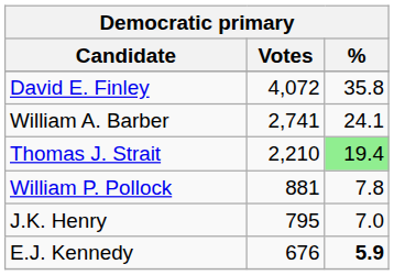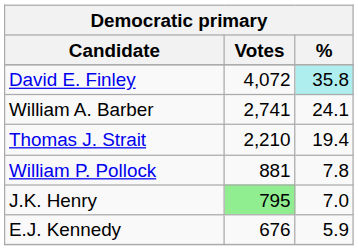 <table class="wikitable" align="left" style="margin: 1em 1em 1em 0; font-size: 95%;">
 <tr>
 <th colspan="3">Democratic primary</th>
 </tr>
 <tr>
 <th colspan="1" style="width: 170px">Candidate</th>
 <th style="width: 50px">Votes</th>
 <th style="width: 40px">%</th>
 </tr>
 <tr>
 </tr>
 <tr>
 <td><a href='#'>David E. Finley</a></td>
 <td align="right">4,072</td>
-<td align="right">35.8</td>
+<td align="right" style="background: paleturquoise;">35.8</td>
 </tr>
 <tr>
 <td>William A. Barber</td>
 <td align="right">2,741</td>
 <td align="right">24.1</td>
 </tr>
 <tr>
 <td><a href='#'>Thomas J. Strait</a></td>
 <td align="right">2,210</td>
-<td align="right" style="background: lightgreen;">19.4</td>
+<td align="right">19.4</td>
 </tr>
 <tr>
 <td><a href='#'>William P. Pollock</a></td>
 <td align="right">881</td>
 <td align="right">7.8</td>
 </tr>
 <tr>
 <td>J.K. Henry</td>
-<td align="right">795</td>
+<td align="right" style="background: lightgreen;">795</td>
 <td align="right">7.0</td>
 </tr>
 <tr>
 <td>E.J. Kennedy</td>
 <td align="right">676</td>
-<td align="right"><strong>5.9</strong></td>
+<td align="right">5.9</td>
 </tr>
 <tr>
 </tr>
 </table>
